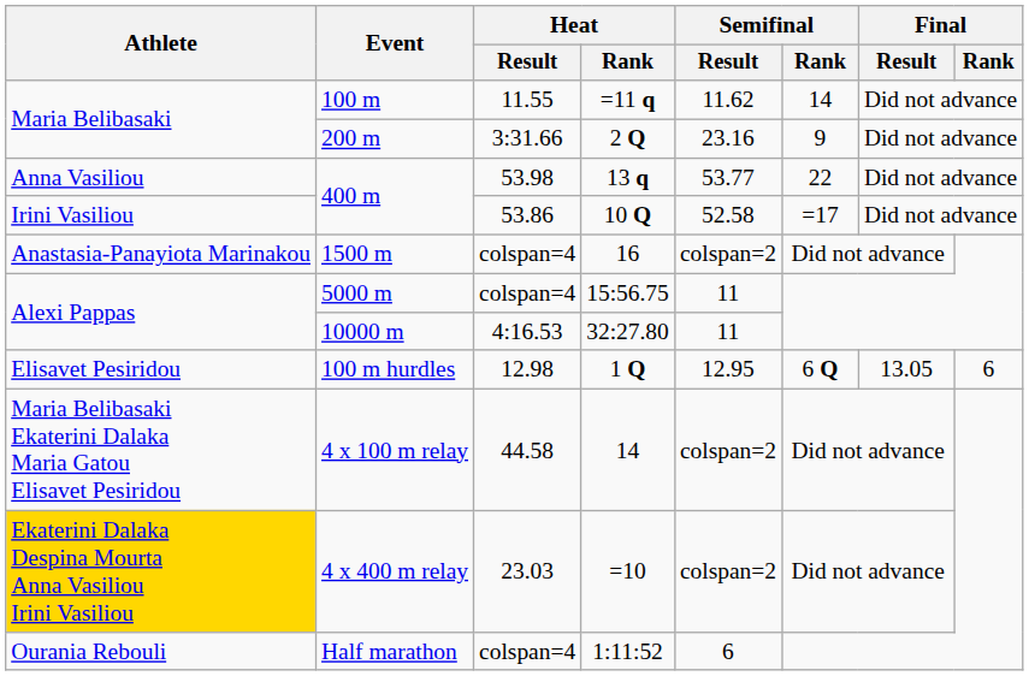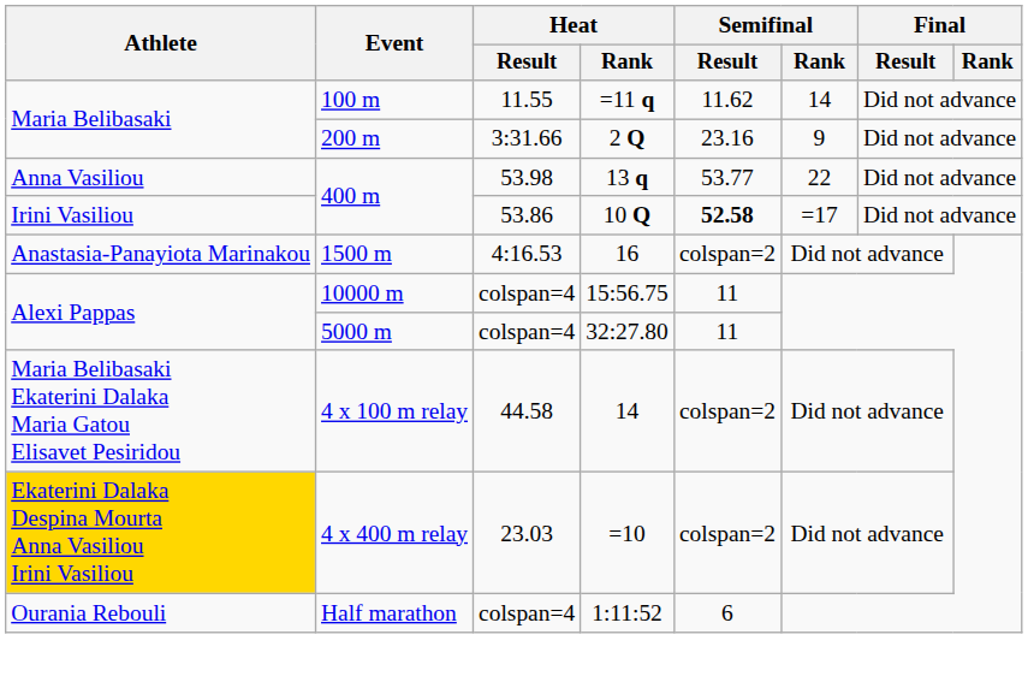 <table class="wikitable" style="font-size:90%">
 <tr>
 <th rowspan=2>Athlete</th>
 <th rowspan=2>Event</th>
 <th colspan=2>Heat</th>
 <th colspan=2>Semifinal</th>
 <th colspan=2>Final</th>
 </tr>
 <tr style="font-size:95%">
 <th>Result</th>
 <th>Rank</th>
 <th>Result</th>
 <th>Rank</th>
 <th>Result</th>
 <th>Rank</th>
 </tr>
 <tr align="center">
 <td align=left rowspan=2><a href='#'>Maria Belibasaki</a></td>
 <td style="text-align:left;"><a href='#'>100 m</a></td>
 <td>11.55</td>
 <td>=11 <strong>q</strong></td>
 <td>11.62</td>
 <td>14</td>
 <td colspan="2">Did not advance</td>
 </tr>
 <tr align=center>
 <td style="text-align:left;"><a href='#'>200 m</a></td>
 <td>3:31.66 <strong></strong></td>
 <td>2 <strong>Q</strong></td>
 <td>23.16</td>
 <td>9</td>
 <td colspan=2 align=center>Did not advance</td>
 </tr>
 <tr align=center>
 <td align=left><a href='#'>Anna Vasiliou</a></td>
 <td style="text-align:left;" rowspan=2><a href='#'>400 m</a></td>
 <td>53.98</td>
 <td>13 <strong>q</strong></td>
 <td>53.77</td>
 <td>22</td>
 <td colspan=2 align=center>Did not advance</td>
 </tr>
 <tr align=center>
 <td align=left><a href='#'>Irini Vasiliou</a></td>
 <td>53.86</td>
 <td>10 <strong>Q</strong></td>
-<td>52.58</td>
+<td><strong>52.58</strong></td>
 <td>=17</td>
 <td colspan=2 align=center>Did not advance</td>
 </tr>
 <tr align="center">
 <td align=left><a href='#'>Anastasia-Panayiota Marinakou</a></td>
 <td style="text-align:left;"><a href='#'>1500 m</a></td>
-<td>colspan=4 </td>
+<td>4:16.53</td>
 <td>16</td>
 <td>colspan=2 </td>
 <td colspan="2">Did not advance</td>
 </tr>
 <tr align=center>
 <td align=left rowspan=2><a href='#'>Alexi Pappas</a></td>
-<td style="text-align:left;"><a href='#'>5000 m</a></td>
+<td style="text-align:left;"><a href='#'>10000 m</a></td>
 <td>colspan=4 </td>
 <td>15:56.75</td>
 <td>11</td>
 </tr>
 <tr align=center>
-<td style="text-align:left;"><a href='#'>10000 m</a></td>
-<td>4:16.53</td>
+<td style="text-align:left;"><a href='#'>5000 m</a></td>
+<td>colspan=4 </td>
 <td>32:27.80</td>
 <td>11</td>
-</tr>
-<tr align=center>
-<td align=left><a href='#'>Elisavet Pesiridou</a></td>
-<td style="text-align:left;"><a href='#'>100 m hurdles</a></td>
-<td>12.98</td>
-<td>1 <strong>Q</strong></td>
-<td>12.95</td>
-<td>6 <strong>Q</strong></td>
-<td>13.05</td>
-<td>6</td>
 </tr>
 <tr align="center">
 <td align=left><a href='#'>Maria Belibasaki</a><br><a href='#'>Ekaterini Dalaka</a><br><a href='#'>Maria Gatou</a><br><a href='#'>Elisavet Pesiridou</a></td>
 <td style="text-align:left;"><a href='#'>4 x 100 m relay</a></td>
 <td>44.58</td>
 <td>14</td>
 <td>colspan=2 </td>
 <td colspan="2">Did not advance</td>
 </tr>
 <tr align="center">
 <td align=left style="background: gold;"><a href='#'>Ekaterini Dalaka</a><br><a href='#'>Despina Mourta</a><br><a href='#'>Anna Vasiliou</a><br><a href='#'>Irini Vasiliou</a></td>
 <td style="text-align:left;"><a href='#'>4 x 400 m relay</a></td>
 <td>23.03 <strong></strong></td>
 <td>=10</td>
 <td>colspan=2 </td>
 <td colspan="2">Did not advance</td>
 </tr>
 <tr align=center>
 <td align=left><a href='#'>Ourania Rebouli</a></td>
 <td style="text-align:left;"><a href='#'>Half marathon</a></td>
 <td>colspan=4 </td>
 <td>1:11:52 <strong></strong></td>
 <td>6</td>
 </tr>
 </table>
